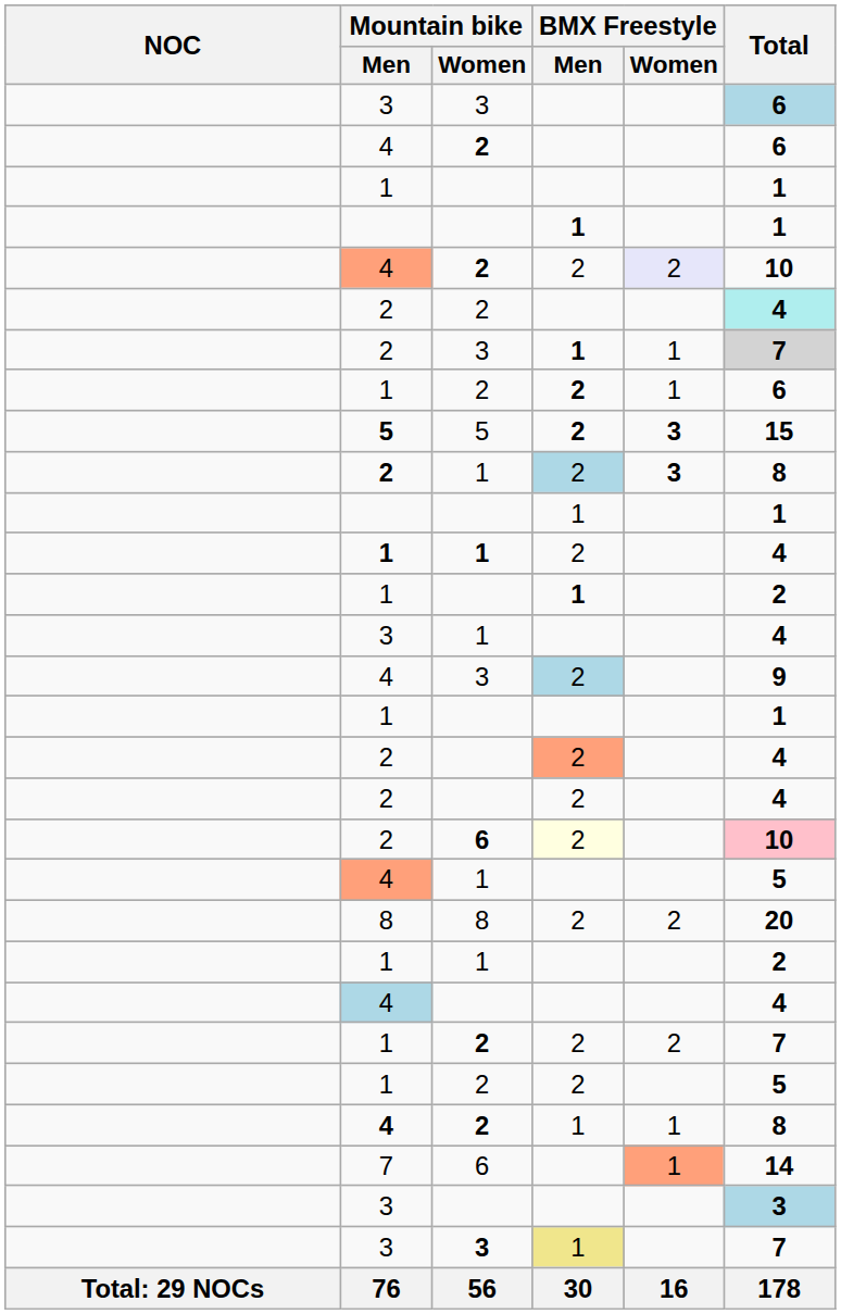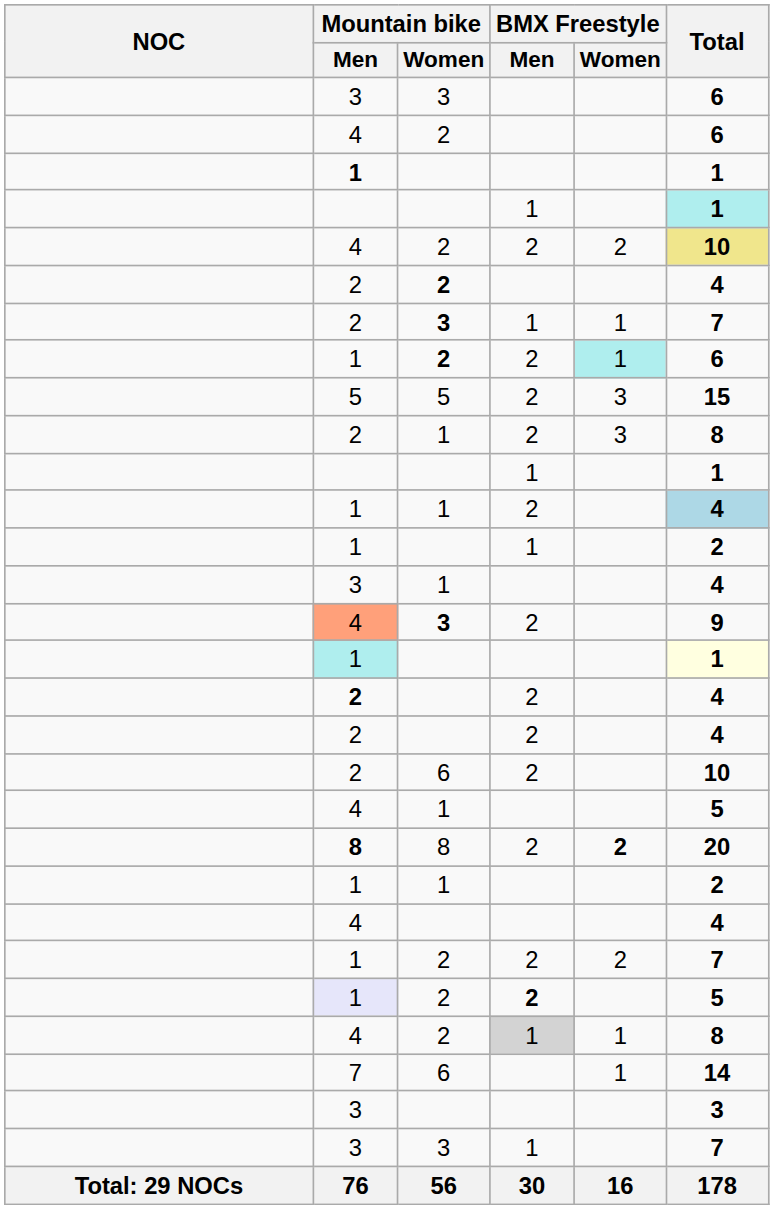 <table class="wikitable sortable mw-collapsible mw-collapsed" style="text-align:center; font-size:90%">
 <tr>
 <th rowspan=2 style="width:180px; text-align:center;">NOC</th>
 <th colspan=2><strong>Mountain bike</strong></th>
 <th colspan=2><strong>BMX Freestyle</strong></th>
 <th rowspan=2 style="width:55px;">Total</th>
 </tr>
 <tr style="font-size:95%">
 <th style="width:45px;"><strong>Men</strong></th>
 <th style="width:45px;"><strong>Women</strong></th>
 <th style="width:45px;"><strong>Men</strong></th>
 <th style="width:45px;"><strong>Women</strong></th>
 </tr>
 <tr>
 <td align=left></td>
 <td>3</td>
 <td>3</td>
 <td></td>
 <td></td>
-<td style="background: lightblue;"><strong>6</strong></td>
+<td><strong>6</strong></td>
 </tr>
 <tr>
 <td align=left></td>
 <td>4</td>
-<td><strong>2</strong></td>
+<td>2</td>
 <td></td>
 <td></td>
 <td><strong>6</strong></td>
 </tr>
 <tr>
 <td align=left></td>
-<td>1</td>
+<td><strong>1</strong></td>
 <td></td>
 <td></td>
 <td></td>
 <td><strong>1</strong></td>
 </tr>
 <tr>
 <td align=left></td>
 <td></td>
 <td></td>
-<td><strong>1</strong></td>
+<td>1</td>
 <td></td>
-<td><strong>1</strong></td>
+<td style="background: paleturquoise;"><strong>1</strong></td>
 </tr>
 <tr>
 <td align=left></td>
-<td style="background: lightsalmon;">4</td>
-<td><strong>2</strong></td>
+<td>4</td>
 <td>2</td>
-<td style="background: lavender;">2</td>
-<td><strong>10</strong></td>
+<td>2</td>
+<td>2</td>
+<td style="background: khaki;"><strong>10</strong></td>
 </tr>
 <tr>
 <td align=left></td>
 <td>2</td>
-<td>2</td>
+<td><strong>2</strong></td>
 <td></td>
 <td></td>
-<td style="background: paleturquoise;"><strong>4</strong></td>
+<td><strong>4</strong></td>
 </tr>
 <tr>
 <td align=left></td>
 <td>2</td>
-<td>3</td>
-<td><strong>1</strong></td>
+<td><strong>3</strong></td>
 <td>1</td>
-<td style="background: lightgrey;"><strong>7</strong></td>
+<td>1</td>
+<td><strong>7</strong></td>
 </tr>
 <tr>
 <td align=left></td>
 <td>1</td>
+<td><strong>2</strong></td>
 <td>2</td>
-<td><strong>2</strong></td>
-<td>1</td>
+<td style="background: paleturquoise;">1</td>
 <td><strong>6</strong></td>
 </tr>
 <tr>
 <td align=left></td>
-<td><strong>5</strong></td>
 <td>5</td>
-<td><strong>2</strong></td>
-<td><strong>3</strong></td>
+<td>5</td>
+<td>2</td>
+<td>3</td>
 <td><strong>15</strong></td>
 </tr>
 <tr>
 <td align=left></td>
-<td><strong>2</strong></td>
+<td>2</td>
 <td>1</td>
-<td style="background: lightblue;">2</td>
-<td><strong>3</strong></td>
+<td>2</td>
+<td>3</td>
 <td><strong>8</strong></td>
 </tr>
 <tr>
 <td align=left></td>
 <td></td>
 <td></td>
 <td>1</td>
 <td></td>
 <td><strong>1</strong></td>
 </tr>
 <tr>
 <td align=left></td>
-<td><strong>1</strong></td>
-<td><strong>1</strong></td>
+<td>1</td>
+<td>1</td>
 <td>2</td>
 <td></td>
-<td><strong>4</strong></td>
+<td style="background: lightblue;"><strong>4</strong></td>
 </tr>
 <tr>
 <td align=left></td>
 <td>1</td>
 <td></td>
-<td><strong>1</strong></td>
+<td>1</td>
 <td></td>
 <td><strong>2</strong></td>
 </tr>
 <tr>
 <td align=left></td>
 <td>3</td>
 <td>1</td>
 <td></td>
 <td></td>
 <td><strong>4</strong></td>
 </tr>
 <tr>
 <td align=left></td>
-<td>4</td>
-<td>3</td>
-<td style="background: lightblue;">2</td>
+<td style="background: lightsalmon;">4</td>
+<td><strong>3</strong></td>
+<td>2</td>
 <td></td>
 <td><strong>9</strong></td>
 </tr>
 <tr>
 <td align=left></td>
-<td>1</td>
+<td style="background: paleturquoise;">1</td>
 <td></td>
 <td></td>
 <td></td>
-<td><strong>1</strong></td>
+<td style="background: lightyellow;"><strong>1</strong></td>
 </tr>
 <tr>
 <td align=left></td>
+<td><strong>2</strong></td>
+<td></td>
 <td>2</td>
-<td></td>
-<td style="background: lightsalmon;">2</td>
 <td></td>
 <td><strong>4</strong></td>
 </tr>
 <tr>
 <td align=left></td>
 <td>2</td>
 <td></td>
 <td>2</td>
 <td></td>
 <td><strong>4</strong></td>
 </tr>
 <tr>
 <td align=left></td>
 <td>2</td>
-<td><strong>6</strong></td>
-<td style="background: lightyellow;">2</td>
+<td>6</td>
+<td>2</td>
 <td></td>
-<td style="background: pink;"><strong>10</strong></td>
+<td><strong>10</strong></td>
 </tr>
 <tr>
 <td align=left></td>
-<td style="background: lightsalmon;">4</td>
+<td>4</td>
 <td>1</td>
 <td></td>
 <td></td>
 <td><strong>5</strong></td>
 </tr>
 <tr>
 <td align=left></td>
-<td>8</td>
+<td><strong>8</strong></td>
 <td>8</td>
 <td>2</td>
-<td>2</td>
+<td><strong>2</strong></td>
 <td><strong>20</strong></td>
 </tr>
 <tr>
 <td align=left></td>
 <td>1</td>
 <td>1</td>
 <td></td>
 <td></td>
 <td><strong>2</strong></td>
 </tr>
 <tr>
 <td align=left></td>
-<td style="background: lightblue;">4</td>
+<td>4</td>
 <td></td>
 <td></td>
 <td></td>
 <td><strong>4</strong></td>
 </tr>
 <tr>
 <td align=left></td>
 <td>1</td>
-<td><strong>2</strong></td>
+<td>2</td>
 <td>2</td>
 <td>2</td>
 <td><strong>7</strong></td>
 </tr>
 <tr>
 <td align=left></td>
-<td>1</td>
+<td style="background: lavender;">1</td>
 <td>2</td>
-<td>2</td>
+<td><strong>2</strong></td>
 <td></td>
 <td><strong>5</strong></td>
 </tr>
 <tr>
 <td align=left></td>
-<td><strong>4</strong></td>
-<td><strong>2</strong></td>
-<td>1</td>
+<td>4</td>
+<td>2</td>
+<td style="background: lightgrey;">1</td>
 <td>1</td>
 <td><strong>8</strong></td>
 </tr>
 <tr>
 <td align=left></td>
 <td>7</td>
 <td>6</td>
 <td></td>
-<td style="background: lightsalmon;">1</td>
+<td>1</td>
 <td><strong>14</strong></td>
 </tr>
 <tr>
 <td align=left></td>
 <td>3</td>
 <td></td>
 <td></td>
 <td></td>
-<td style="background: lightblue;"><strong>3</strong></td>
+<td><strong>3</strong></td>
 </tr>
 <tr>
 <td align=left></td>
 <td>3</td>
-<td><strong>3</strong></td>
-<td style="background: khaki;">1</td>
+<td>3</td>
+<td>1</td>
 <td></td>
 <td><strong>7</strong></td>
 </tr>
 <tr>
 <th>Total: 29 NOCs</th>
 <th>76</th>
 <th>56</th>
 <th>30</th>
 <th>16</th>
 <th>178</th>
 </tr>
 </table>
